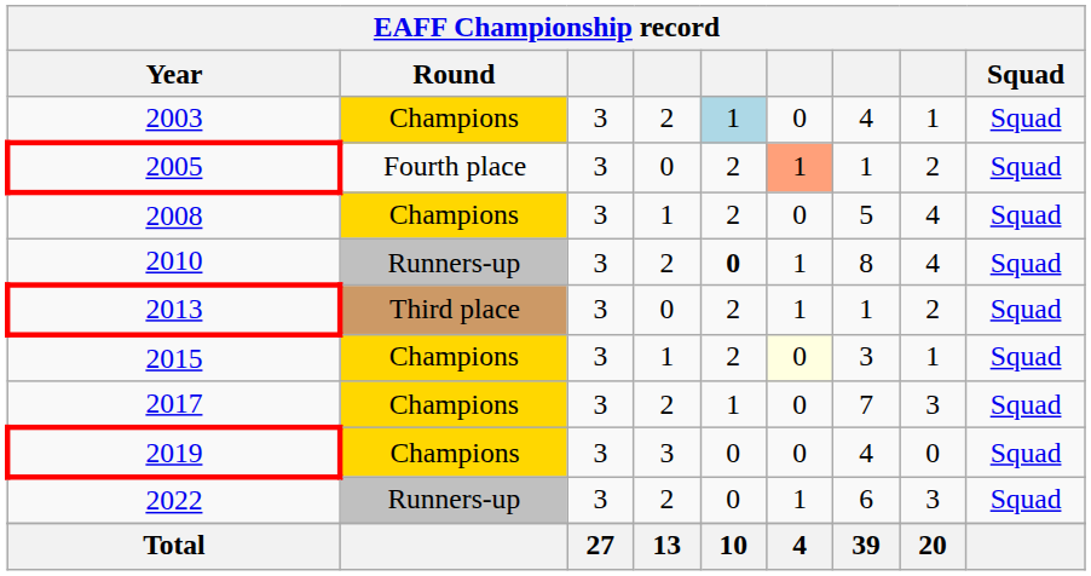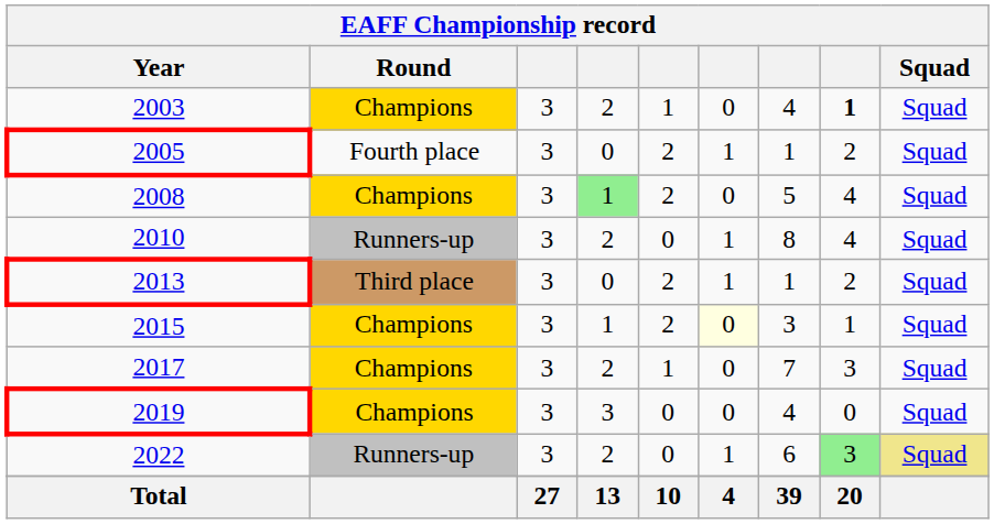 <table class="wikitable" style="text-align: center;">
 <tr>
 <th colspan="9"><a href='#'>EAFF Championship</a> record</th>
 </tr>
 <tr>
 <th width="180">Year</th>
 <th width="120">Round</th>
 <th width="30"></th>
 <th width="30"></th>
 <th width="30"></th>
 <th width="30"></th>
 <th width="30"></th>
 <th width="30"></th>
 <th width="60">Squad</th>
 </tr>
 <tr>
 <td> <a href='#'>2003</a></td>
 <td style="background:gold;">Champions</td>
 <td>3</td>
 <td>2</td>
-<td style="background: lightblue;">1</td>
+<td>1</td>
 <td>0</td>
 <td>4</td>
-<td>1</td>
+<td><strong>1</strong></td>
 <td><a href='#'>Squad</a></td>
 </tr>
 <tr>
 <td style="border: 3px solid red"> <a href='#'>2005</a></td>
 <td>Fourth place</td>
 <td>3</td>
 <td>0</td>
 <td>2</td>
-<td style="background: lightsalmon;">1</td>
+<td>1</td>
 <td>1</td>
 <td>2</td>
 <td><a href='#'>Squad</a></td>
 </tr>
 <tr>
 <td> <a href='#'>2008</a></td>
 <td style="background:gold;">Champions</td>
 <td>3</td>
-<td>1</td>
+<td style="background: lightgreen;">1</td>
 <td>2</td>
 <td>0</td>
 <td>5</td>
 <td>4</td>
 <td><a href='#'>Squad</a></td>
 </tr>
 <tr>
 <td> <a href='#'>2010</a></td>
 <td style="background:silver;">Runners-up</td>
 <td>3</td>
 <td>2</td>
-<td><strong>0</strong></td>
+<td>0</td>
 <td>1</td>
 <td>8</td>
 <td>4</td>
 <td><a href='#'>Squad</a></td>
 </tr>
 <tr>
 <td style="border: 3px solid red"> <a href='#'>2013</a></td>
 <td style="background:#c96;">Third place</td>
 <td>3</td>
 <td>0</td>
 <td>2</td>
 <td>1</td>
 <td>1</td>
 <td>2</td>
 <td><a href='#'>Squad</a></td>
 </tr>
 <tr>
 <td> <a href='#'>2015</a></td>
 <td style="background:gold;">Champions</td>
 <td>3</td>
 <td>1</td>
 <td>2</td>
 <td style="background: lightyellow;">0</td>
 <td>3</td>
 <td>1</td>
 <td><a href='#'>Squad</a></td>
 </tr>
 <tr>
 <td> <a href='#'>2017</a></td>
 <td style="background:gold;">Champions</td>
 <td>3</td>
 <td>2</td>
 <td>1</td>
 <td>0</td>
 <td>7</td>
 <td>3</td>
 <td><a href='#'>Squad</a></td>
 </tr>
 <tr>
 <td style="border: 3px solid red"> <a href='#'>2019</a></td>
 <td style="background:gold;">Champions</td>
 <td>3</td>
 <td>3</td>
 <td>0</td>
 <td>0</td>
 <td>4</td>
 <td>0</td>
 <td><a href='#'>Squad</a></td>
 </tr>
 <tr>
 <td> <a href='#'>2022</a></td>
 <td style="background:silver;">Runners-up</td>
 <td>3</td>
 <td>2</td>
 <td>0</td>
 <td>1</td>
 <td>6</td>
-<td>3</td>
-<td><a href='#'>Squad</a></td>
+<td style="background: lightgreen;">3</td>
+<td style="background: khaki;"><a href='#'>Squad</a></td>
 </tr>
 <tr>
 </tr>
 <tr>
 <th>Total</th>
 <th></th>
 <th>27</th>
 <th>13</th>
 <th>10</th>
 <th>4</th>
 <th>39</th>
 <th>20</th>
 <th></th>
 </tr>
 </table>
